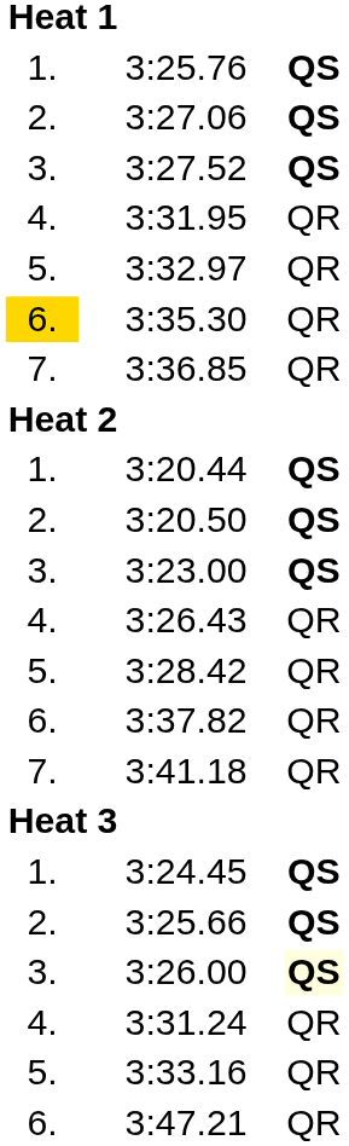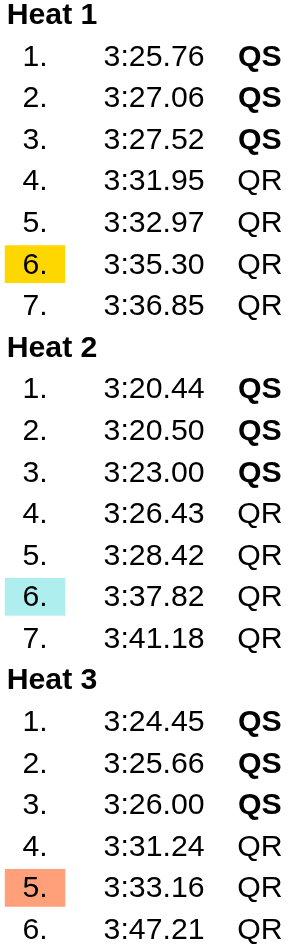 <table style="text-align:center">
 <tr>
 <td colspan=4 align=left><strong>Heat 1</strong></td>
 </tr>
 <tr>
 <td width=30>1.</td>
 <td align=left></td>
 <td width=80>3:25.76</td>
 <td><strong>QS</strong></td>
 </tr>
 <tr>
 <td>2.</td>
 <td align=left></td>
 <td>3:27.06</td>
 <td><strong>QS</strong></td>
 </tr>
 <tr>
 <td>3.</td>
 <td align=left></td>
 <td>3:27.52</td>
 <td><strong>QS</strong></td>
 </tr>
 <tr>
 <td>4.</td>
 <td align=left></td>
 <td>3:31.95</td>
 <td>QR</td>
 </tr>
 <tr>
 <td>5.</td>
 <td align=left></td>
 <td>3:32.97</td>
 <td>QR</td>
 </tr>
 <tr>
 <td style="background: gold;">6.</td>
 <td align=left></td>
 <td>3:35.30</td>
 <td>QR</td>
 </tr>
 <tr>
 <td>7.</td>
 <td align=left></td>
 <td>3:36.85</td>
 <td>QR</td>
 </tr>
 <tr>
 <td colspan=4 align=left><strong>Heat 2</strong></td>
 </tr>
 <tr>
 <td>1.</td>
 <td align=left></td>
 <td>3:20.44</td>
 <td><strong>QS</strong></td>
 </tr>
 <tr>
 <td>2.</td>
 <td align=left></td>
 <td>3:20.50</td>
 <td><strong>QS</strong></td>
 </tr>
 <tr>
 <td>3.</td>
 <td align=left></td>
 <td>3:23.00</td>
 <td><strong>QS</strong></td>
 </tr>
 <tr>
 <td>4.</td>
 <td align=left></td>
 <td>3:26.43</td>
 <td>QR</td>
 </tr>
 <tr>
 <td>5.</td>
 <td align=left></td>
 <td>3:28.42</td>
 <td>QR</td>
 </tr>
 <tr>
-<td>6.</td>
+<td style="background: paleturquoise;">6.</td>
 <td align=left></td>
 <td>3:37.82</td>
 <td>QR</td>
 </tr>
 <tr>
 <td>7.</td>
 <td align=left></td>
 <td>3:41.18</td>
 <td>QR</td>
 </tr>
 <tr>
 <td colspan=4 align=left><strong>Heat 3</strong></td>
 </tr>
 <tr>
 <td>1.</td>
 <td align=left></td>
 <td>3:24.45</td>
 <td><strong>QS</strong></td>
 </tr>
 <tr>
 <td>2.</td>
 <td align=left></td>
 <td>3:25.66</td>
 <td><strong>QS</strong></td>
 </tr>
 <tr>
 <td>3.</td>
 <td align=left></td>
 <td>3:26.00</td>
-<td style="background: lightyellow;"><strong>QS</strong></td>
+<td><strong>QS</strong></td>
 </tr>
 <tr>
 <td>4.</td>
 <td align=left></td>
 <td>3:31.24</td>
 <td>QR</td>
 </tr>
 <tr>
-<td>5.</td>
+<td style="background: lightsalmon;">5.</td>
 <td align=left></td>
 <td>3:33.16</td>
 <td>QR</td>
 </tr>
 <tr>
 <td>6.</td>
 <td align=left></td>
 <td>3:47.21</td>
 <td>QR</td>
 </tr>
 </table>
